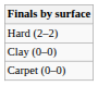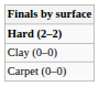 <table class=wikitable style=font-size:90%>
 <tr>
 <th>Finals by surface</th>
 </tr>
 <tr>
-<td>Hard (2–2)</td>
+<td><strong>Hard (2–2)</strong></td>
 </tr>
 <tr>
 <td>Clay (0–0)</td>
 </tr>
 <tr>
 <td>Carpet (0–0)</td>
 </tr>
 </table>
